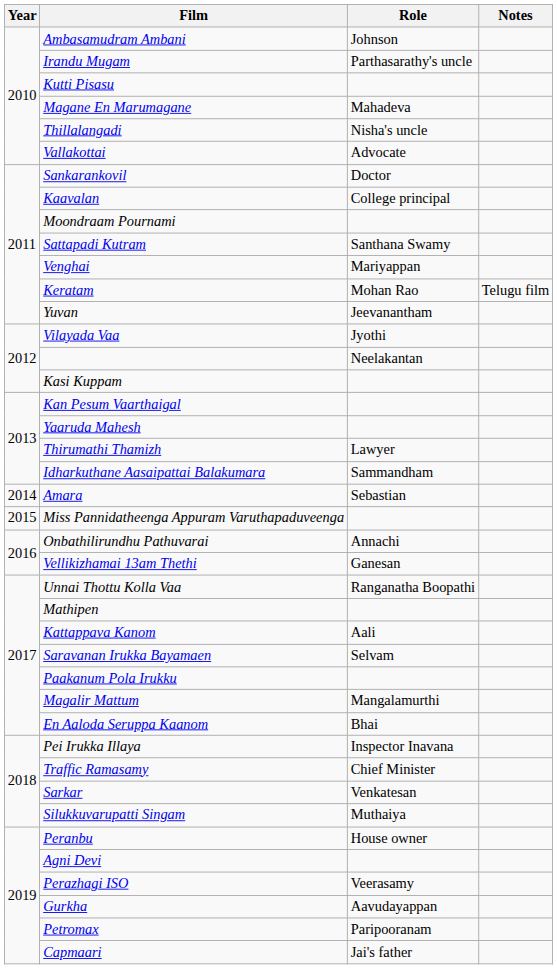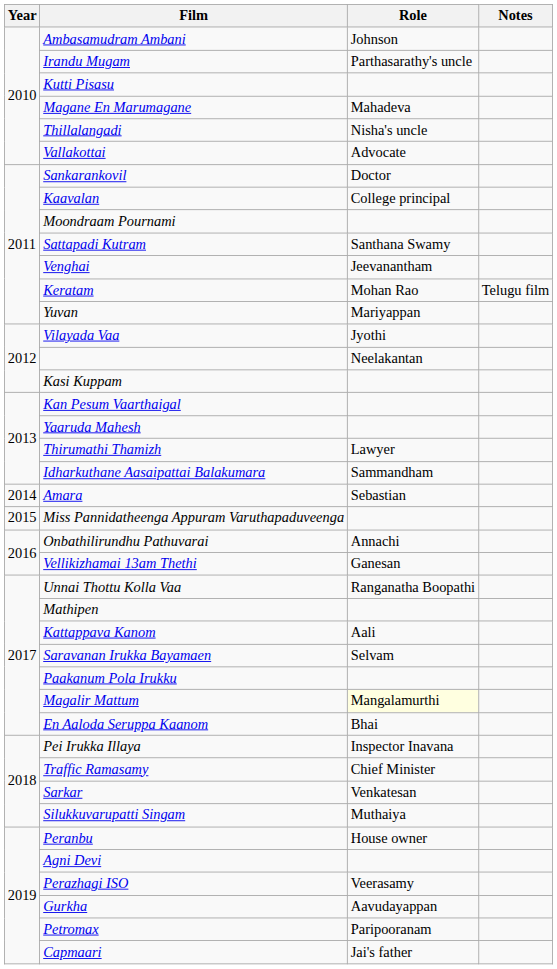 <table class="wikitable sortable">
 <tr>
 <th>Year</th>
 <th>Film</th>
 <th>Role</th>
 <th class=unsortable>Notes</th>
 </tr>
 <tr>
 <td rowspan='6'>2010</td>
 <td><em><a href='#'>Ambasamudram Ambani</a></em></td>
 <td>Johnson</td>
 <td></td>
 </tr>
 <tr>
 <td><em><a href='#'>Irandu Mugam</a></em></td>
 <td>Parthasarathy's uncle</td>
 <td></td>
 </tr>
 <tr>
 <td><em><a href='#'>Kutti Pisasu</a></em></td>
 <td></td>
 <td></td>
 </tr>
 <tr>
 <td><em><a href='#'>Magane En Marumagane</a></em></td>
 <td>Mahadeva</td>
 <td></td>
 </tr>
 <tr>
 <td><em><a href='#'>Thillalangadi</a></em></td>
 <td>Nisha's uncle</td>
 <td></td>
 </tr>
 <tr>
 <td><em><a href='#'>Vallakottai</a></em></td>
 <td>Advocate</td>
 <td></td>
 </tr>
 <tr>
 <td rowspan='7'>2011</td>
 <td><em><a href='#'>Sankarankovil</a></em></td>
 <td>Doctor</td>
 <td></td>
 </tr>
 <tr>
 <td><em><a href='#'>Kaavalan</a></em></td>
 <td>College principal</td>
 <td></td>
 </tr>
 <tr>
 <td><em>Moondraam Pournami</em></td>
 <td></td>
 <td></td>
 </tr>
 <tr>
 <td><em><a href='#'>Sattapadi Kutram</a></em></td>
 <td>Santhana Swamy</td>
 <td></td>
 </tr>
 <tr>
 <td><em><a href='#'>Venghai</a></em></td>
-<td>Mariyappan</td>
+<td>Jeevanantham</td>
 <td></td>
 </tr>
 <tr>
 <td><em><a href='#'>Keratam</a></em></td>
 <td>Mohan Rao</td>
 <td>Telugu film</td>
 </tr>
 <tr>
 <td><em>Yuvan</em></td>
-<td>Jeevanantham</td>
+<td>Mariyappan</td>
 <td></td>
 </tr>
 <tr>
 <td rowspan='3'>2012</td>
 <td><em><a href='#'>Vilayada Vaa</a></em></td>
 <td>Jyothi</td>
 <td></td>
 </tr>
 <tr>
 <td></td>
 <td>Neelakantan</td>
 <td></td>
 </tr>
 <tr>
 <td><em>Kasi Kuppam</em></td>
 <td></td>
 <td></td>
 </tr>
 <tr>
 <td rowspan="4'">2013</td>
 <td><em><a href='#'>Kan Pesum Vaarthaigal</a></em></td>
 <td></td>
 <td></td>
 </tr>
 <tr>
 <td><em><a href='#'>Yaaruda Mahesh</a></em></td>
 <td></td>
 <td></td>
 </tr>
 <tr>
 <td><em><a href='#'>Thirumathi Thamizh</a></em></td>
 <td>Lawyer</td>
 <td></td>
 </tr>
 <tr>
 <td><em><a href='#'>Idharkuthane Aasaipattai Balakumara</a></em></td>
 <td>Sammandham</td>
 <td></td>
 </tr>
 <tr>
 <td>2014</td>
 <td><em><a href='#'>Amara</a></em></td>
 <td>Sebastian</td>
 <td></td>
 </tr>
 <tr>
 <td>2015</td>
 <td><em>Miss Pannidatheenga Appuram Varuthapaduveenga</em></td>
 <td></td>
 <td></td>
 </tr>
 <tr>
 <td rowspan='2'>2016</td>
 <td><em>Onbathilirundhu Pathuvarai</em></td>
 <td>Annachi</td>
 <td></td>
 </tr>
 <tr>
 <td><em><a href='#'>Vellikizhamai 13am Thethi</a></em></td>
 <td>Ganesan</td>
 <td></td>
 </tr>
 <tr>
 <td rowspan='7'>2017</td>
 <td><em>Unnai Thottu Kolla Vaa</em></td>
 <td>Ranganatha Boopathi</td>
 <td></td>
 </tr>
 <tr>
 <td><em>Mathipen</em></td>
 <td></td>
 <td></td>
 </tr>
 <tr>
 <td><em><a href='#'>Kattappava Kanom</a></em></td>
 <td>Aali</td>
 <td></td>
 </tr>
 <tr>
 <td><em><a href='#'>Saravanan Irukka Bayamaen</a></em></td>
 <td>Selvam</td>
 <td></td>
 </tr>
 <tr>
 <td><em><a href='#'>Paakanum Pola Irukku</a></em></td>
 <td></td>
 <td></td>
 </tr>
 <tr>
 <td><em><a href='#'>Magalir Mattum</a></em></td>
-<td>Mangalamurthi</td>
+<td style="background: lightyellow;">Mangalamurthi</td>
 <td></td>
 </tr>
 <tr>
 <td><em><a href='#'>En Aaloda Seruppa Kaanom</a></em></td>
 <td>Bhai</td>
 <td></td>
 </tr>
 <tr>
 <td rowspan='4'>2018</td>
 <td><em>Pei Irukka Illaya</em></td>
 <td>Inspector Inavana</td>
 <td></td>
 </tr>
 <tr>
 <td><em><a href='#'>Traffic Ramasamy</a></em></td>
 <td>Chief Minister</td>
 <td></td>
 </tr>
 <tr>
 <td><em><a href='#'>Sarkar</a></em></td>
 <td>Venkatesan</td>
 <td></td>
 </tr>
 <tr>
 <td><em><a href='#'>Silukkuvarupatti Singam</a></em></td>
 <td>Muthaiya</td>
 <td></td>
 </tr>
 <tr>
 <td rowspan='6'>2019</td>
 <td><em><a href='#'>Peranbu</a></em></td>
 <td>House owner</td>
 <td></td>
 </tr>
 <tr>
 <td><em><a href='#'>Agni Devi</a></em></td>
 <td></td>
 <td></td>
 </tr>
 <tr>
 <td><em><a href='#'>Perazhagi ISO</a></em></td>
 <td>Veerasamy</td>
 <td></td>
 </tr>
 <tr>
 <td><em><a href='#'>Gurkha</a></em></td>
 <td>Aavudayappan</td>
 <td></td>
 </tr>
 <tr>
 <td><em><a href='#'>Petromax</a></em></td>
 <td>Paripooranam</td>
 <td></td>
 </tr>
 <tr>
 <td><em><a href='#'>Capmaari</a></em></td>
 <td>Jai's father</td>
 <td></td>
 </tr>
 </table>
